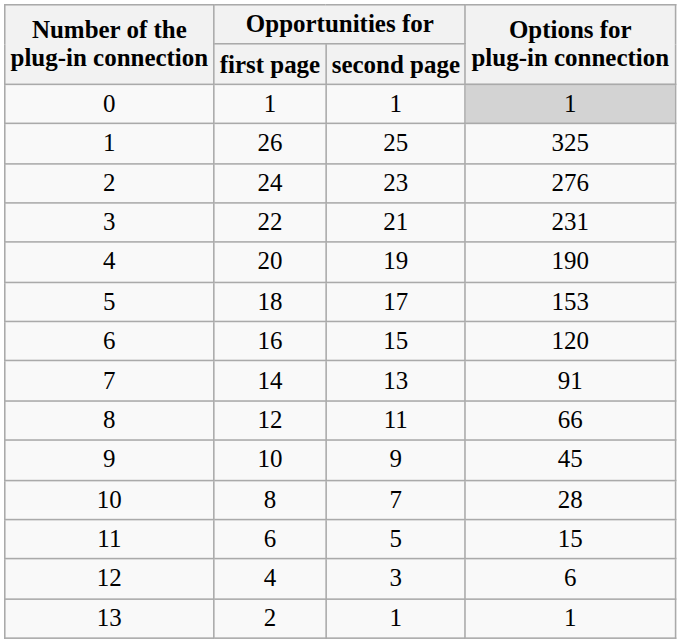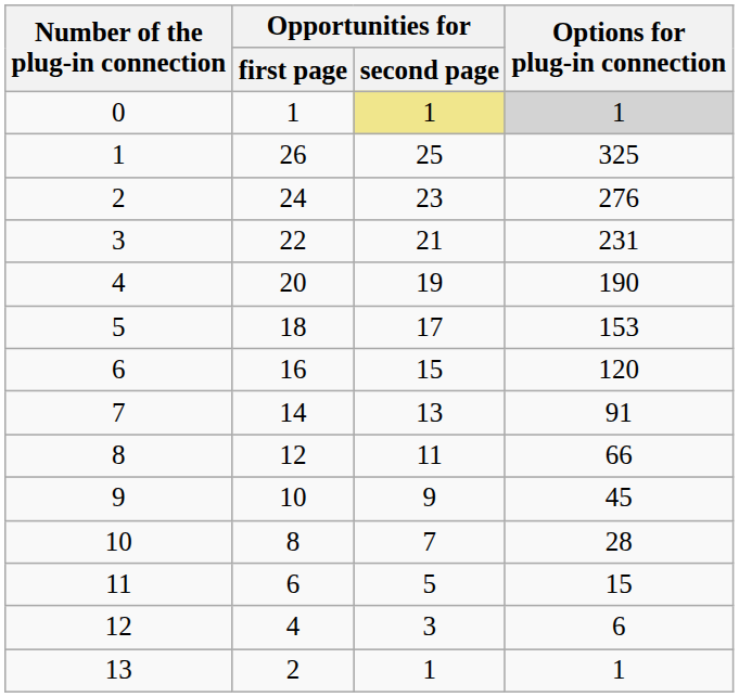 <table class="wikitable" style="text-align:center;">
 <tr>
 <th rowspan="2">Number of the<br>plug-in connection</th>
 <th colspan="2">Opportunities for</th>
 <th rowspan="2">Options for<br>plug-in connection</th>
 </tr>
 <tr>
 <th>first page</th>
 <th>second page</th>
 </tr>
 <tr>
 <td>0</td>
 <td>1</td>
-<td>1</td>
+<td style="background: khaki;">1</td>
 <td style="background: lightgrey;">1</td>
 </tr>
 <tr>
 <td>1</td>
 <td>26</td>
 <td>25</td>
 <td>325</td>
 </tr>
 <tr>
 <td>2</td>
 <td>24</td>
 <td>23</td>
 <td>276</td>
 </tr>
 <tr>
 <td>3</td>
 <td>22</td>
 <td>21</td>
 <td>231</td>
 </tr>
 <tr>
 <td>4</td>
 <td>20</td>
 <td>19</td>
 <td>190</td>
 </tr>
 <tr>
 <td>5</td>
 <td>18</td>
 <td>17</td>
 <td>153</td>
 </tr>
 <tr>
 <td>6</td>
 <td>16</td>
 <td>15</td>
 <td>120</td>
 </tr>
 <tr>
 <td>7</td>
 <td>14</td>
 <td>13</td>
 <td>91</td>
 </tr>
 <tr>
 <td>8</td>
 <td>12</td>
 <td>11</td>
 <td>66</td>
 </tr>
 <tr>
 <td>9</td>
 <td>10</td>
 <td>9</td>
 <td>45</td>
 </tr>
 <tr>
 <td>10</td>
 <td>8</td>
 <td>7</td>
 <td>28</td>
 </tr>
 <tr>
 <td>11</td>
 <td>6</td>
 <td>5</td>
 <td>15</td>
 </tr>
 <tr>
 <td>12</td>
 <td>4</td>
 <td>3</td>
 <td>6</td>
 </tr>
 <tr>
 <td>13</td>
 <td>2</td>
 <td>1</td>
 <td>1</td>
 </tr>
 </table>
